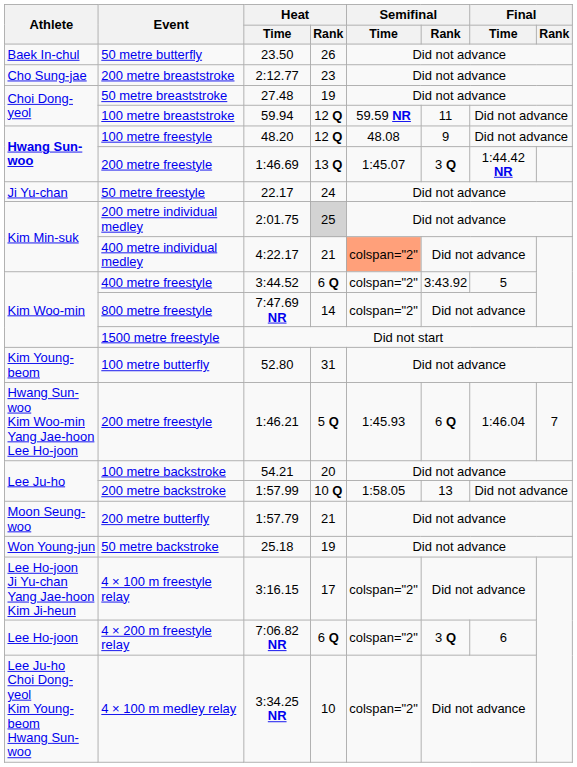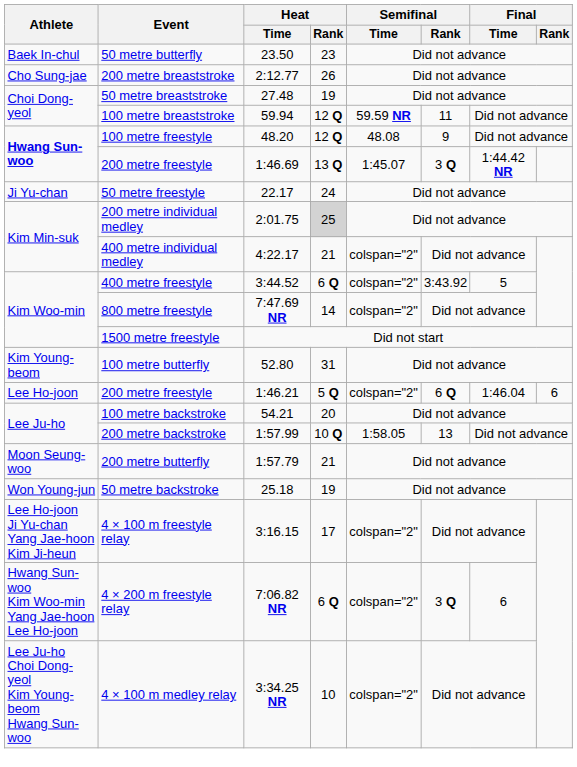 <table class="wikitable" style="text-align:center; font-size:90%; width:50%;">
 <tr>
 <th rowspan="2">Athlete</th>
 <th rowspan="2">Event</th>
 <th colspan="2">Heat</th>
 <th colspan="2">Semifinal</th>
 <th colspan="2">Final</th>
 </tr>
 <tr style="font-size:95%">
 <th>Time</th>
 <th>Rank</th>
 <th>Time</th>
 <th>Rank</th>
 <th>Time</th>
 <th>Rank</th>
 </tr>
 <tr align=center>
 <td align=left><a href='#'>Baek In-chul</a></td>
 <td align=left><a href='#'>50 metre butterfly</a></td>
 <td>23.50</td>
-<td>26</td>
+<td>23</td>
 <td colspan=4>Did not advance</td>
 </tr>
 <tr align=center>
 <td align=left><a href='#'>Cho Sung-jae</a></td>
 <td align=left><a href='#'>200 metre breaststroke</a></td>
 <td>2:12.77</td>
-<td>23</td>
+<td>26</td>
 <td colspan=4>Did not advance</td>
 </tr>
 <tr align=center>
 <td align=left rowspan=2><a href='#'>Choi Dong-yeol</a></td>
 <td align=left><a href='#'>50 metre breaststroke</a></td>
 <td>27.48</td>
 <td>19</td>
 <td colspan=4>Did not advance</td>
 </tr>
 <tr align=center>
 <td align=left><a href='#'>100 metre breaststroke</a></td>
 <td>59.94</td>
 <td>12 <strong>Q</strong></td>
 <td>59.59 <strong><a href='#'>NR</a></strong></td>
 <td>11</td>
 <td colspan="2">Did not advance</td>
 </tr>
 <tr align=center>
 <td align=left rowspan=2><strong><a href='#'>Hwang Sun-woo</a></strong></td>
 <td align=left><a href='#'>100 metre freestyle</a></td>
 <td>48.20</td>
 <td>12 <strong>Q</strong></td>
 <td>48.08</td>
 <td>9</td>
 <td colspan="2">Did not advance</td>
 </tr>
 <tr align=center>
 <td align=left><a href='#'>200 metre freestyle</a></td>
 <td>1:46.69</td>
 <td>13 <strong>Q</strong></td>
 <td>1:45.07</td>
 <td>3 <strong>Q</strong></td>
 <td>1:44.42 <strong><a href='#'>NR</a></strong></td>
 <td></td>
 </tr>
 <tr align=center>
 <td align=left><a href='#'>Ji Yu-chan</a></td>
 <td align=left><a href='#'>50 metre freestyle</a></td>
 <td>22.17</td>
 <td>24</td>
 <td colspan=4>Did not advance</td>
 </tr>
 <tr align=center>
 <td align=left rowspan="2"><a href='#'>Kim Min-suk</a></td>
 <td align=left><a href='#'>200 metre individual medley</a></td>
 <td>2:01.75</td>
 <td style="background: lightgrey;">25</td>
 <td colspan=4>Did not advance</td>
 </tr>
 <tr align=center>
 <td align=left><a href='#'>400 metre individual medley</a></td>
 <td>4:22.17</td>
 <td>21</td>
-<td style="background: lightsalmon;">colspan="2" </td>
+<td>colspan="2" </td>
 <td colspan="2">Did not advance</td>
 </tr>
 <tr align=center>
 <td align=left rowspan="3"><a href='#'>Kim Woo-min</a></td>
 <td align=left><a href='#'>400 metre freestyle</a></td>
 <td>3:44.52</td>
 <td>6 <strong>Q</strong></td>
 <td>colspan="2" </td>
 <td>3:43.92</td>
 <td>5</td>
 </tr>
 <tr align=center>
 <td align=left><a href='#'>800 metre freestyle</a></td>
 <td>7:47.69 <strong><a href='#'>NR</a></strong></td>
 <td>14</td>
 <td>colspan="2" </td>
 <td colspan="2">Did not advance</td>
 </tr>
 <tr align=center>
 <td align=left><a href='#'>1500 metre freestyle</a></td>
 <td colspan="6">Did not start</td>
 </tr>
 <tr>
 <td align=left><a href='#'>Kim Young-beom</a></td>
 <td align=left><a href='#'>100 metre butterfly</a></td>
 <td>52.80</td>
 <td>31</td>
 <td colspan=4>Did not advance</td>
 </tr>
 <tr align=center>
-<td align=left><a href='#'>Hwang Sun-woo</a><br><a href='#'>Kim Woo-min</a><br><a href='#'>Yang Jae-hoon</a> <br><a href='#'>Lee Ho-joon</a></td>
+<td align=left><a href='#'>Lee Ho-joon</a></td>
 <td align=left><a href='#'>200 metre freestyle</a></td>
 <td>1:46.21</td>
 <td>5 <strong>Q</strong></td>
-<td>1:45.93</td>
+<td>colspan="2" </td>
 <td>6 <strong>Q</strong></td>
 <td>1:46.04</td>
-<td>7</td>
+<td>6</td>
 </tr>
 <tr>
 <td align=left rowspan=2><a href='#'>Lee Ju-ho</a></td>
 <td align=left><a href='#'>100 metre backstroke</a></td>
 <td>54.21</td>
 <td>20</td>
 <td colspan=4>Did not advance</td>
 </tr>
 <tr>
 <td align=left><a href='#'>200 metre backstroke</a></td>
 <td>1:57.99</td>
 <td>10 <strong>Q</strong></td>
 <td>1:58.05</td>
 <td>13</td>
 <td colspan=2>Did not advance</td>
 </tr>
 <tr>
 <td align=left><a href='#'>Moon Seung-woo</a></td>
 <td align=left><a href='#'>200 metre butterfly</a></td>
 <td>1:57.79</td>
 <td>21</td>
 <td colspan=4>Did not advance</td>
 </tr>
 <tr>
 <td align=left><a href='#'>Won Young-jun</a></td>
 <td align=left><a href='#'>50 metre backstroke</a></td>
 <td>25.18</td>
 <td>19</td>
 <td colspan=4>Did not advance</td>
 </tr>
 <tr align=center>
 <td align=left><a href='#'>Lee Ho-joon</a> <br><a href='#'>Ji Yu-chan</a> <br><a href='#'>Yang Jae-hoon</a> <br><a href='#'>Kim Ji-heun</a></td>
 <td align=left><a href='#'>4 × 100 m freestyle relay</a></td>
 <td>3:16.15</td>
 <td>17</td>
 <td>colspan="2" </td>
 <td colspan="2">Did not advance</td>
 </tr>
 <tr align=center>
-<td align=left><a href='#'>Lee Ho-joon</a></td>
+<td align=left><a href='#'>Hwang Sun-woo</a><br><a href='#'>Kim Woo-min</a><br><a href='#'>Yang Jae-hoon</a> <br><a href='#'>Lee Ho-joon</a></td>
 <td align=left><a href='#'>4 × 200 m freestyle relay</a></td>
 <td>7:06.82 <strong><a href='#'>NR</a></strong></td>
 <td>6 <strong>Q</strong></td>
 <td>colspan="2" </td>
 <td>3 <strong>Q</strong></td>
 <td>6</td>
 </tr>
 <tr>
 <td align=left><a href='#'>Lee Ju-ho</a><br><a href='#'>Choi Dong-yeol</a> <br><a href='#'>Kim Young-beom</a> <br><a href='#'>Hwang Sun-woo</a></td>
 <td align=left><a href='#'>4 × 100 m medley relay</a></td>
 <td>3:34.25 <strong><a href='#'>NR</a></strong></td>
 <td>10</td>
 <td>colspan="2" </td>
 <td colspan=2>Did not advance</td>
 </tr>
 </table>
